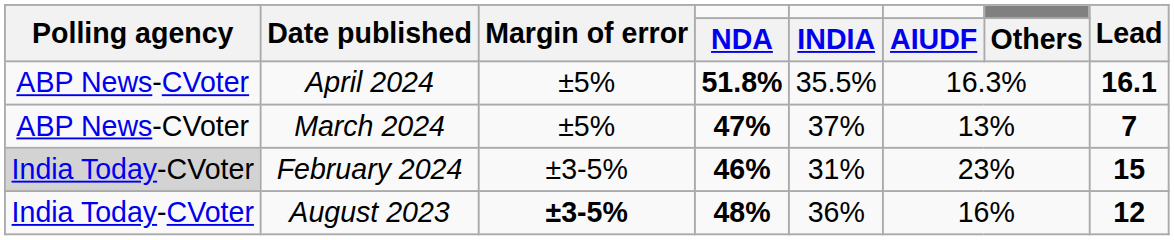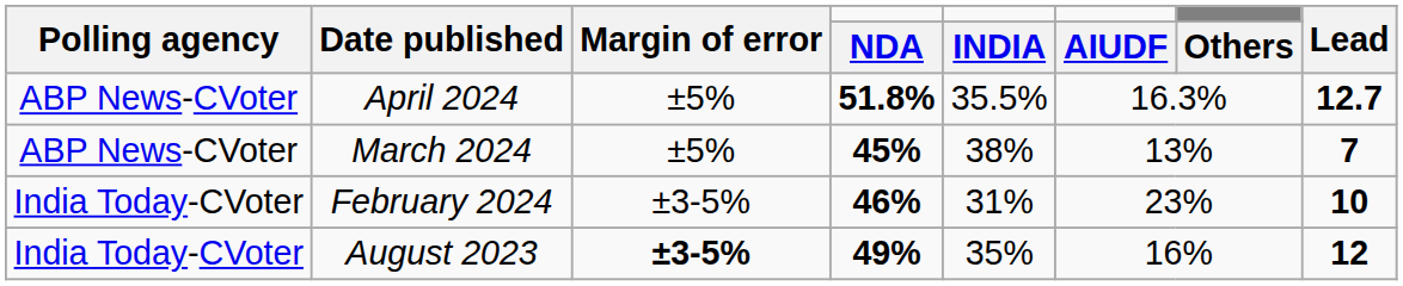 <table class="wikitable sortable" style="text-align:center;font-size:95%;line-height:16px">
 <tr>
 <th rowspan="2">Polling agency</th>
 <th rowspan="2">Date published</th>
 <th rowspan="2">Margin of error</th>
 <td></td>
 <td></td>
 <td></td>
 <td bgcolor="grey"></td>
 <th rowspan="2">Lead</th>
 </tr>
 <tr>
 <th><a href='#'>NDA</a></th>
 <th><a href='#'>INDIA</a></th>
 <th><a href='#'>AIUDF</a></th>
 <th>Others</th>
 </tr>
 <tr>
 <td><a href='#'>ABP News</a>-<a href='#'>CVoter</a></td>
 <td><em>April 2024</em></td>
 <td>±5%</td>
 <td bgcolor=><strong>51.8%</strong></td>
 <td>35.5%</td>
 <td colspan="2">16.3%</td>
-<td bgcolor=><strong>16.1</strong></td>
+<td bgcolor=><strong>12.7</strong></td>
 </tr>
 <tr>
 <td><a href='#'>ABP News</a>-CVoter</td>
 <td><em>March 2024</em></td>
 <td>±5%</td>
-<td bgcolor=><strong>47%</strong></td>
-<td>37%</td>
+<td bgcolor=><strong>45%</strong></td>
+<td>38%</td>
 <td colspan="2">13%</td>
 <td bgcolor=><strong>7</strong></td>
 </tr>
 <tr>
-<td style="background: lightgrey;"><a href='#'>India Today</a>-CVoter</td>
+<td><a href='#'>India Today</a>-CVoter</td>
 <td><em>February 2024</em></td>
 <td>±3-5%</td>
 <td><strong>46%</strong></td>
 <td>31%</td>
 <td colspan="2">23%</td>
-<td><strong>15</strong></td>
+<td><strong>10</strong></td>
 </tr>
 <tr>
 <td><a href='#'>India Today</a>-<a href='#'>CVoter</a></td>
 <td><em>August 2023</em></td>
 <td><strong>±3-5%</strong></td>
-<td><strong>48%</strong></td>
-<td>36%</td>
+<td><strong>49%</strong></td>
+<td>35%</td>
 <td colspan="2">16%</td>
 <td><strong>12</strong></td>
 </tr>
 </table>
